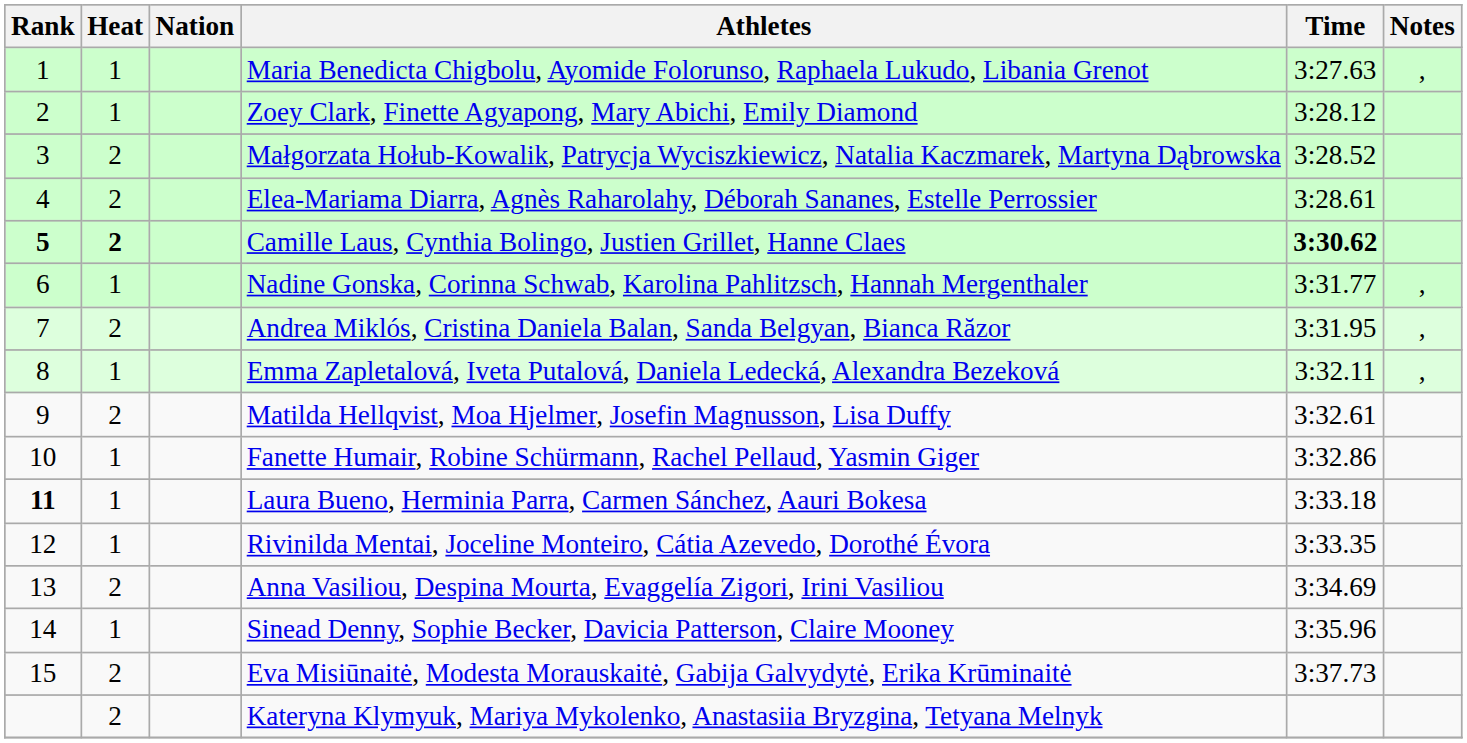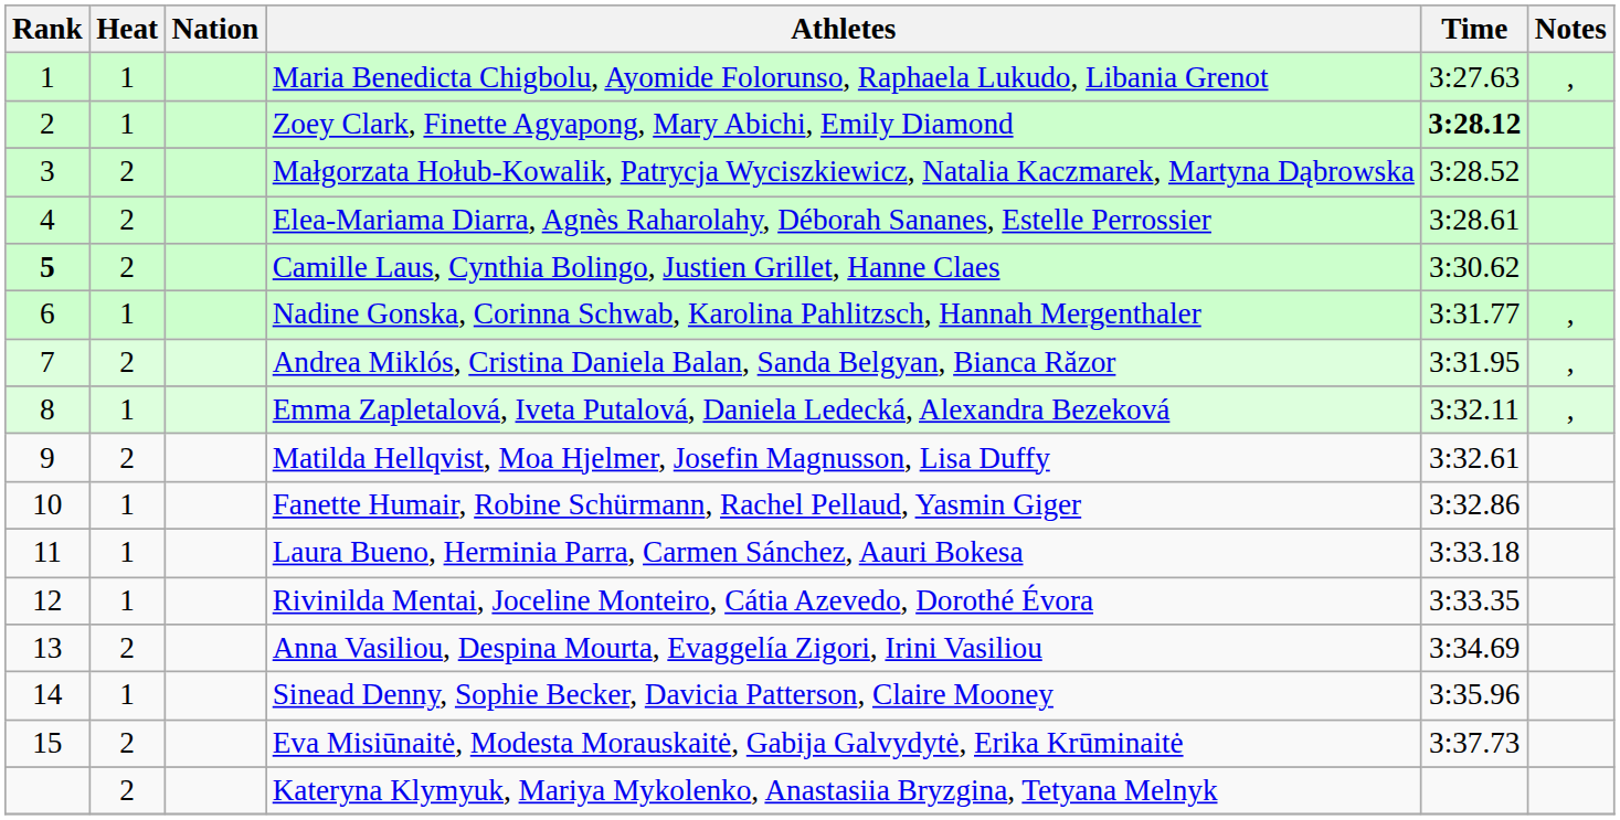 <table class="wikitable sortable" style="text-align:center">
 <tr>
 <th>Rank</th>
 <th>Heat</th>
 <th>Nation</th>
 <th>Athletes</th>
 <th>Time</th>
 <th>Notes</th>
 </tr>
 <tr bgcolor=ccffcc>
 <td>1</td>
 <td>1</td>
 <td align=left></td>
 <td align=left><a href='#'>Maria Benedicta Chigbolu</a>, <a href='#'>Ayomide Folorunso</a>, <a href='#'>Raphaela Lukudo</a>, <a href='#'>Libania Grenot</a></td>
 <td>3:27.63</td>
 <td>, </td>
 </tr>
 <tr bgcolor=ccffcc>
 <td>2</td>
 <td>1</td>
 <td align=left></td>
 <td align=left><a href='#'>Zoey Clark</a>, <a href='#'>Finette Agyapong</a>, <a href='#'>Mary Abichi</a>, <a href='#'>Emily Diamond</a></td>
-<td>3:28.12</td>
+<td><strong>3:28.12</strong></td>
 <td></td>
 </tr>
 <tr bgcolor=ccffcc>
 <td>3</td>
 <td>2</td>
 <td align=left></td>
 <td align=left><a href='#'>Małgorzata Hołub-Kowalik</a>, <a href='#'>Patrycja Wyciszkiewicz</a>, <a href='#'>Natalia Kaczmarek</a>, <a href='#'>Martyna Dąbrowska</a></td>
 <td>3:28.52</td>
 <td></td>
 </tr>
 <tr bgcolor=ccffcc>
 <td>4</td>
 <td>2</td>
 <td align=left></td>
 <td align=left><a href='#'>Elea-Mariama Diarra</a>, <a href='#'>Agnès Raharolahy</a>, <a href='#'>Déborah Sananes</a>, <a href='#'>Estelle Perrossier</a></td>
 <td>3:28.61</td>
 <td></td>
 </tr>
 <tr bgcolor=ccffcc>
 <td><strong>5</strong></td>
-<td><strong>2</strong></td>
+<td>2</td>
 <td align=left></td>
 <td align=left><a href='#'>Camille Laus</a>, <a href='#'>Cynthia Bolingo</a>, <a href='#'>Justien Grillet</a>, <a href='#'>Hanne Claes</a></td>
-<td><strong>3:30.62</strong></td>
+<td>3:30.62</td>
 <td></td>
 </tr>
 <tr bgcolor=ccffcc>
 <td>6</td>
 <td>1</td>
 <td align=left></td>
 <td align=left><a href='#'>Nadine Gonska</a>, <a href='#'>Corinna Schwab</a>, <a href='#'>Karolina Pahlitzsch</a>, <a href='#'>Hannah Mergenthaler</a></td>
 <td>3:31.77</td>
 <td>, </td>
 </tr>
 <tr bgcolor=ddffdd>
 <td>7</td>
 <td>2</td>
 <td align=left></td>
 <td align=left><a href='#'>Andrea Miklós</a>, <a href='#'>Cristina Daniela Balan</a>, <a href='#'>Sanda Belgyan</a>, <a href='#'>Bianca Răzor</a></td>
 <td>3:31.95</td>
 <td>, </td>
 </tr>
 <tr bgcolor=ddffdd>
 <td>8</td>
 <td>1</td>
 <td align=left></td>
 <td align=left><a href='#'>Emma Zapletalová</a>, <a href='#'>Iveta Putalová</a>, <a href='#'>Daniela Ledecká</a>, <a href='#'>Alexandra Bezeková</a></td>
 <td>3:32.11</td>
 <td>, </td>
 </tr>
 <tr>
 <td>9</td>
 <td>2</td>
 <td align=left></td>
 <td align=left><a href='#'>Matilda Hellqvist</a>, <a href='#'>Moa Hjelmer</a>, <a href='#'>Josefin Magnusson</a>, <a href='#'>Lisa Duffy</a></td>
 <td>3:32.61</td>
 <td></td>
 </tr>
 <tr>
 <td>10</td>
 <td>1</td>
 <td align=left></td>
 <td align=left><a href='#'>Fanette Humair</a>, <a href='#'>Robine Schürmann</a>, <a href='#'>Rachel Pellaud</a>, <a href='#'>Yasmin Giger</a></td>
 <td>3:32.86</td>
 <td></td>
 </tr>
 <tr>
-<td><strong>11</strong></td>
+<td>11</td>
 <td>1</td>
 <td align=left></td>
 <td align=left><a href='#'>Laura Bueno</a>, <a href='#'>Herminia Parra</a>, <a href='#'>Carmen Sánchez</a>, <a href='#'>Aauri Bokesa</a></td>
 <td>3:33.18</td>
 <td></td>
 </tr>
 <tr>
 <td>12</td>
 <td>1</td>
 <td align=left></td>
 <td align=left><a href='#'>Rivinilda Mentai</a>, <a href='#'>Joceline Monteiro</a>, <a href='#'>Cátia Azevedo</a>, <a href='#'>Dorothé Évora</a></td>
 <td>3:33.35</td>
 <td></td>
 </tr>
 <tr>
 <td>13</td>
 <td>2</td>
 <td align=left></td>
 <td align=left><a href='#'>Anna Vasiliou</a>, <a href='#'>Despina Mourta</a>, <a href='#'>Evaggelía Zigori</a>, <a href='#'>Irini Vasiliou</a></td>
 <td>3:34.69</td>
 <td></td>
 </tr>
 <tr>
 <td>14</td>
 <td>1</td>
 <td align=left></td>
 <td align=left><a href='#'>Sinead Denny</a>, <a href='#'>Sophie Becker</a>, <a href='#'>Davicia Patterson</a>, <a href='#'>Claire Mooney</a></td>
 <td>3:35.96</td>
 <td></td>
 </tr>
 <tr>
 <td>15</td>
 <td>2</td>
 <td align=left></td>
 <td align=left><a href='#'>Eva Misiūnaitė</a>, <a href='#'>Modesta Morauskaitė</a>, <a href='#'>Gabija Galvydytė</a>, <a href='#'>Erika Krūminaitė</a></td>
 <td>3:37.73</td>
 <td></td>
 </tr>
 <tr>
 <td></td>
 <td>2</td>
 <td align=left></td>
 <td align=left><a href='#'>Kateryna Klymyuk</a>, <a href='#'>Mariya Mykolenko</a>, <a href='#'>Anastasiia Bryzgina</a>, <a href='#'>Tetyana Melnyk</a></td>
 <td></td>
 <td></td>
 </tr>
 <tr>
 </tr>
 </table>
